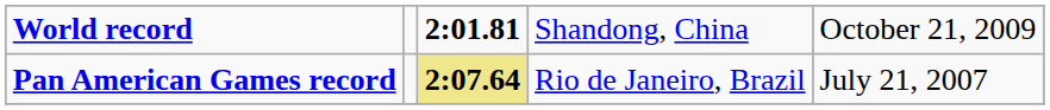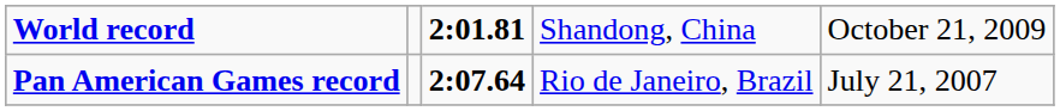 <table class="wikitable">
 <tr>
 <td><strong><a href='#'>World record</a></strong></td>
 <td></td>
 <td><strong>2:01.81</strong></td>
 <td><a href='#'>Shandong</a>, <a href='#'>China</a></td>
 <td>October 21, 2009</td>
 </tr>
 <tr>
 <td><strong><a href='#'>Pan American Games record</a></strong></td>
 <td></td>
-<td style="background: khaki;"><strong>2:07.64</strong></td>
+<td><strong>2:07.64</strong></td>
 <td><a href='#'>Rio de Janeiro</a>, <a href='#'>Brazil</a></td>
 <td>July 21, 2007</td>
 </tr>
 </table>
